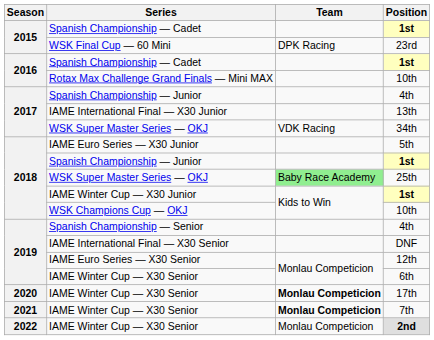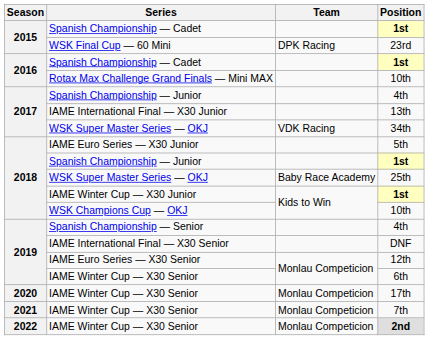 <table class="wikitable" style="font-size: 85%; text-align:center">
 <tr>
 <th>Season</th>
 <th>Series</th>
 <th>Team</th>
 <th>Position</th>
 </tr>
 <tr>
 <th rowspan="2">2015</th>
 <td align="left"><a href='#'>Spanish Championship</a> — Cadet</td>
 <td align="left"></td>
 <td style="background:#FFFFBF;"><strong>1st</strong></td>
 </tr>
 <tr>
 <td align="left"><a href='#'>WSK Final Cup</a> — 60 Mini</td>
 <td align="left">DPK Racing</td>
 <td>23rd</td>
 </tr>
 <tr>
 <th rowspan="2">2016</th>
 <td align="left"><a href='#'>Spanish Championship</a> — Cadet</td>
 <td align="left"></td>
 <td style="background:#FFFFBF;"><strong>1st</strong></td>
 </tr>
 <tr>
 <td align="left"><a href='#'>Rotax Max Challenge Grand Finals</a> — Mini MAX</td>
 <td align="left"></td>
 <td>10th</td>
 </tr>
 <tr>
 <th rowspan="3">2017</th>
 <td align="left"><a href='#'>Spanish Championship</a> — Junior</td>
 <td align="left"></td>
 <td>4th</td>
 </tr>
 <tr>
 <td align="left">IAME International Final — X30 Junior</td>
 <td></td>
 <td>13th</td>
 </tr>
 <tr>
 <td align="left"><a href='#'>WSK Super Master Series</a> — <a href='#'>OKJ</a></td>
 <td align="left">VDK Racing</td>
 <td>34th</td>
 </tr>
 <tr>
 <th rowspan="5">2018</th>
 <td align="left">IAME Euro Series — X30 Junior</td>
 <td align="left"></td>
 <td>5th</td>
 </tr>
 <tr>
 <td align="left"><a href='#'>Spanish Championship</a> — Junior</td>
 <td align="left"></td>
 <td style="background:#FFFFBF;"><strong>1st</strong></td>
 </tr>
 <tr>
 <td align="left"><a href='#'>WSK Super Master Series</a> — <a href='#'>OKJ</a></td>
-<td align="left" style="background: lightgreen;">Baby Race Academy</td>
+<td align="left">Baby Race Academy</td>
 <td>25th</td>
 </tr>
 <tr>
 <td align="left">IAME Winter Cup — X30 Junior</td>
 <td rowspan="2" align="left">Kids to Win</td>
 <td style="background:#FFFFBF;"><strong>1st</strong></td>
 </tr>
 <tr>
 <td align="left"><a href='#'>WSK Champions Cup</a> — <a href='#'>OKJ</a></td>
 <td>10th</td>
 </tr>
 <tr>
 <th rowspan="4">2019</th>
 <td align="left"><a href='#'>Spanish Championship</a> — Senior</td>
 <td align="left"></td>
 <td>4th</td>
 </tr>
 <tr>
 <td align="left">IAME International Final — X30 Senior</td>
 <td align="left"></td>
 <td>DNF</td>
 </tr>
 <tr>
 <td align="left">IAME Euro Series — X30 Senior</td>
 <td rowspan="2" align="left">Monlau Competicion</td>
 <td>12th</td>
 </tr>
 <tr>
 <td align="left">IAME Winter Cup — X30 Senior</td>
 <td>6th</td>
 </tr>
 <tr>
 <th>2020</th>
 <td align="left">IAME Winter Cup — X30 Senior</td>
-<td align="left"><strong>Monlau Competicion</strong></td>
+<td align="left">Monlau Competicion</td>
 <td>17th</td>
 </tr>
 <tr>
 <th>2021</th>
 <td align="left">IAME Winter Cup — X30 Senior</td>
-<td align="left"><strong>Monlau Competicion</strong></td>
+<td align="left">Monlau Competicion</td>
 <td>7th</td>
 </tr>
 <tr>
 <th>2022</th>
 <td align="left">IAME Winter Cup — X30 Senior</td>
 <td align="left">Monlau Competicion</td>
 <td style="background:#DFDFDF;"><strong>2nd</strong></td>
 </tr>
 </table>
